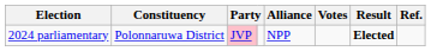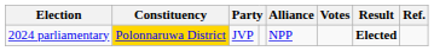 <table class="wikitable" style="text-align:left;">
 <tr>
 <th scope=col>Election</th>
 <th scope=col>Constituency</th>
 <th scope=col colspan="2">Party</th>
 <th scope=col>Alliance</th>
 <th scope=col>Votes</th>
 <th scope=col>Result</th>
 <th scope=col>Ref.</th>
 </tr>
 <tr>
 <td><a href='#'>2024 parliamentary</a></td>
-<td><a href='#'>Polonnaruwa District</a></td>
-<td style="background: pink;"><a href='#'>JVP</a></td>
+<td style="background: gold;"><a href='#'>Polonnaruwa District</a></td>
+<td><a href='#'>JVP</a></td>
 <td rowspan="8" style="background:"></td>
 <td><a href='#'>NPP</a></td>
 <td align=right></td>
 <td><strong>Elected</strong></td>
 <td></td>
 </tr>
 </table>
